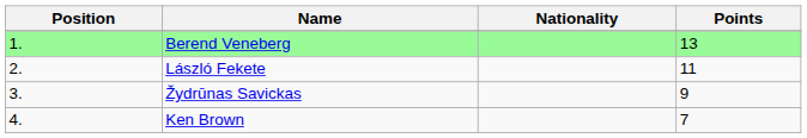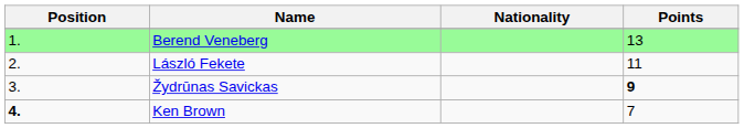 <table class="wikitable" style="display: inline-table; width: 50%;">
 <tr>
 <th>Position</th>
 <th>Name</th>
 <th>Nationality</th>
 <th>Points</th>
 </tr>
 <tr>
 </tr>
 <tr bgcolor=palegreen>
 <td>1.</td>
 <td><a href='#'>Berend Veneberg</a></td>
 <td></td>
 <td>13</td>
 </tr>
 <tr>
 <td>2.</td>
 <td><a href='#'>László Fekete</a></td>
 <td></td>
 <td>11</td>
 </tr>
 <tr>
 <td>3.</td>
 <td><a href='#'>Žydrūnas Savickas</a></td>
 <td></td>
-<td>9</td>
+<td><strong>9</strong></td>
 </tr>
 <tr>
-<td>4.</td>
+<td><strong>4.</strong></td>
 <td><a href='#'>Ken Brown</a></td>
 <td></td>
 <td>7</td>
 </tr>
 </table>
